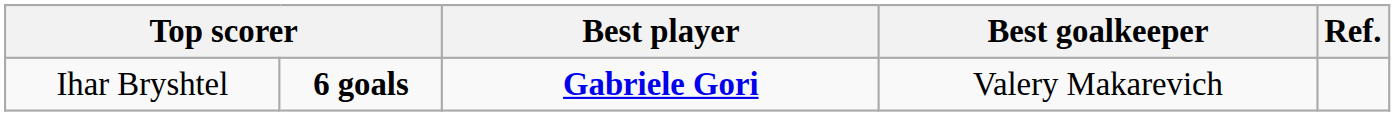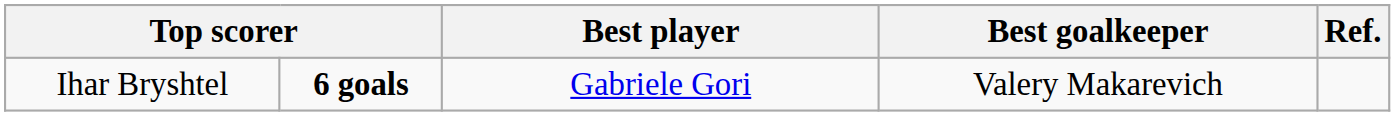 <table class="wikitable" style="text-align: center; font-size: 97%;">
 <tr>
 <th colspan=2 width=200>Top scorer</th>
 <th width=200>Best player</th>
 <th width=200>Best goalkeeper</th>
 <th>Ref.</th>
 </tr>
 <tr align=center style="background:">
 <td style="text-align:center;"> Ihar Bryshtel</td>
 <td><strong>6 goals</strong></td>
-<td><strong> <a href='#'>Gabriele Gori</a></strong></td>
+<td> <a href='#'>Gabriele Gori</a></td>
 <td> Valery Makarevich</td>
 <td></td>
 </tr>
 </table>
